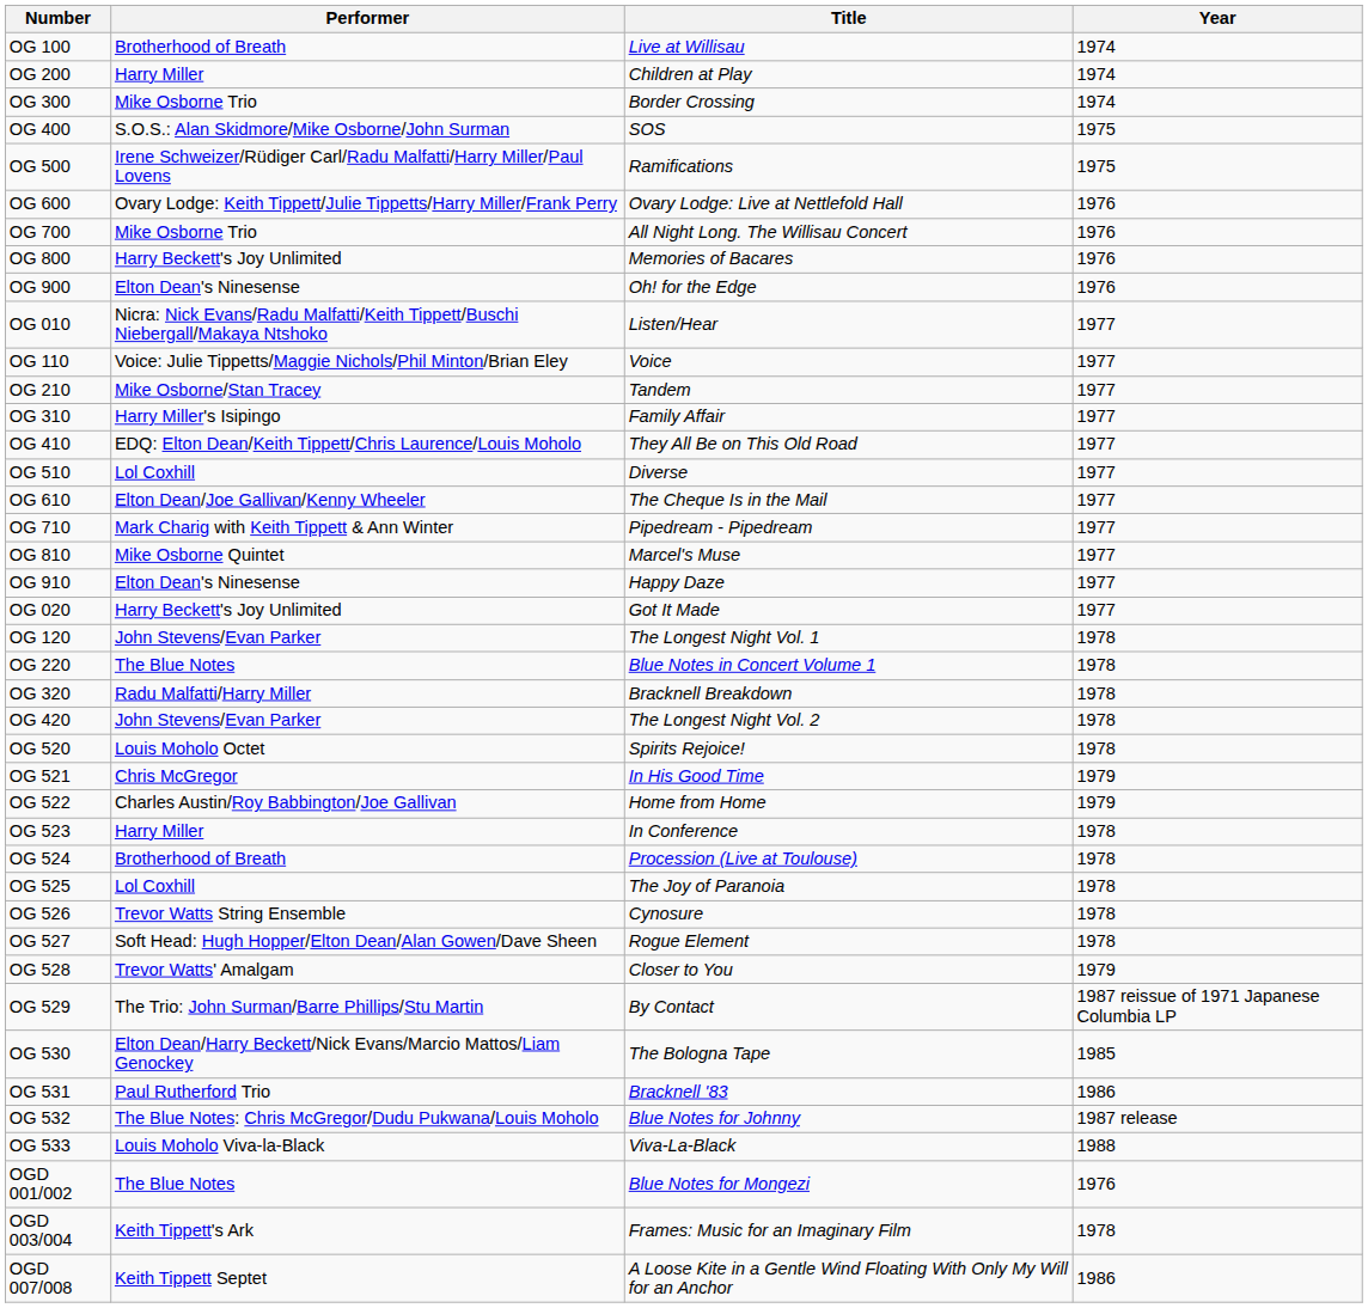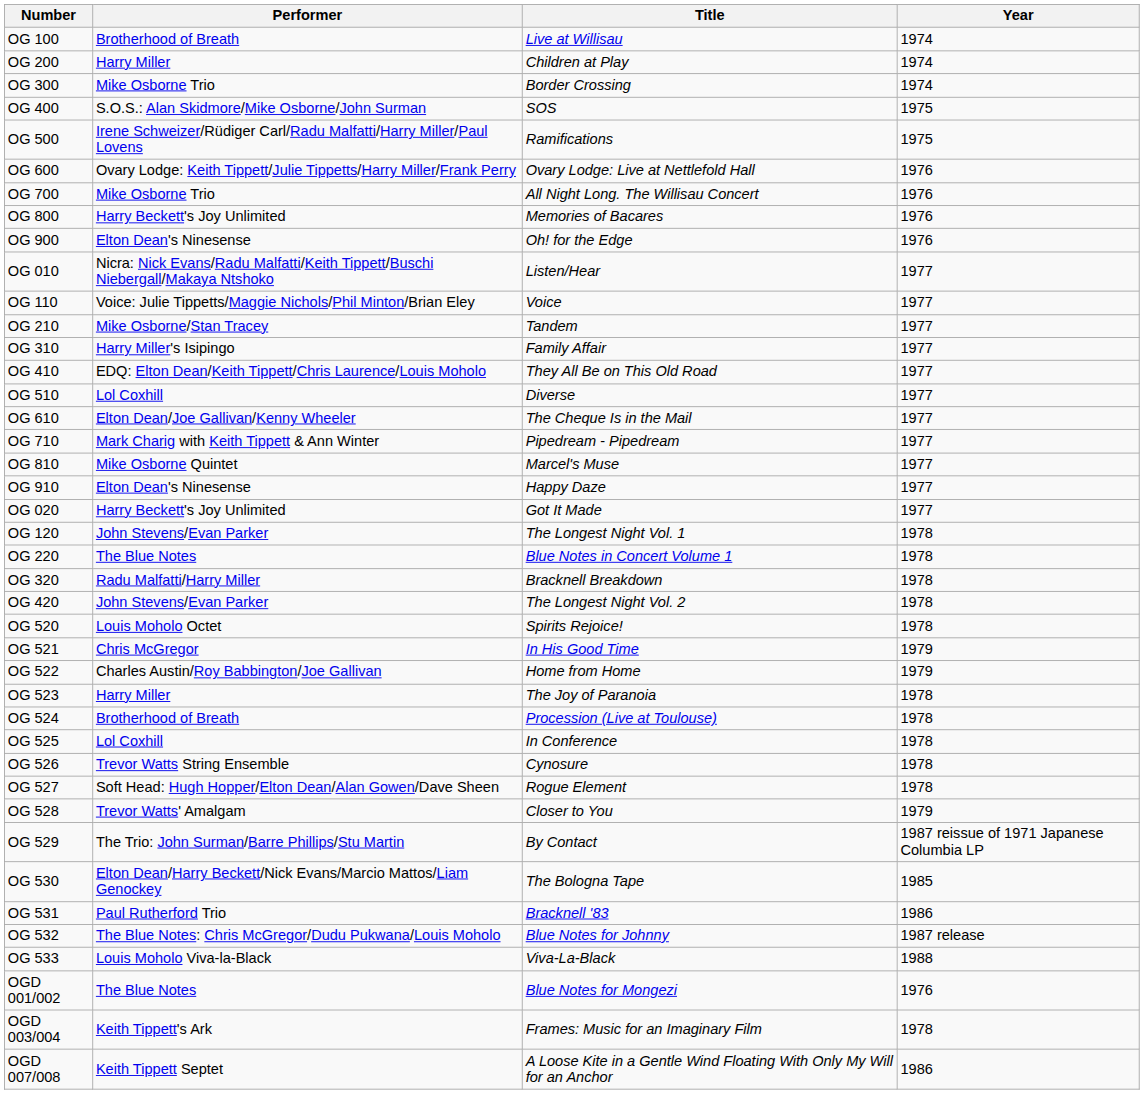 <table class="wikitable sortable">
 <tr>
 <th>Number</th>
 <th>Performer</th>
 <th>Title</th>
 <th>Year</th>
 </tr>
 <tr>
 <td>OG 100</td>
 <td><a href='#'>Brotherhood of Breath</a></td>
 <td><em><a href='#'>Live at Willisau</a></em></td>
 <td>1974</td>
 </tr>
 <tr>
 <td>OG 200</td>
 <td><a href='#'>Harry Miller</a></td>
 <td><em>Children at Play</em></td>
 <td>1974</td>
 </tr>
 <tr>
 <td>OG 300</td>
 <td><a href='#'>Mike Osborne</a> Trio</td>
 <td><em>Border Crossing</em></td>
 <td>1974</td>
 </tr>
 <tr>
 <td>OG 400</td>
 <td>S.O.S.: <a href='#'>Alan Skidmore</a>/<a href='#'>Mike Osborne</a>/<a href='#'>John Surman</a></td>
 <td><em>SOS</em></td>
 <td>1975</td>
 </tr>
 <tr>
 <td>OG 500</td>
 <td><a href='#'>Irene Schweizer</a>/Rüdiger Carl/<a href='#'>Radu Malfatti</a>/<a href='#'>Harry Miller</a>/<a href='#'>Paul Lovens</a></td>
 <td><em>Ramifications</em></td>
 <td>1975</td>
 </tr>
 <tr>
 <td>OG 600</td>
 <td>Ovary Lodge: <a href='#'>Keith Tippett</a>/<a href='#'>Julie Tippetts</a>/<a href='#'>Harry Miller</a>/<a href='#'>Frank Perry</a></td>
 <td><em>Ovary Lodge: Live at Nettlefold Hall</em></td>
 <td>1976</td>
 </tr>
 <tr>
 <td>OG 700</td>
 <td><a href='#'>Mike Osborne</a> Trio</td>
 <td><em>All Night Long. The Willisau Concert</em></td>
 <td>1976</td>
 </tr>
 <tr>
 <td>OG 800</td>
 <td><a href='#'>Harry Beckett</a>'s Joy Unlimited</td>
 <td><em>Memories of Bacares</em></td>
 <td>1976</td>
 </tr>
 <tr>
 <td>OG 900</td>
 <td><a href='#'>Elton Dean</a>'s Ninesense</td>
 <td><em>Oh! for the Edge</em></td>
 <td>1976</td>
 </tr>
 <tr>
 <td>OG 010</td>
 <td>Nicra: <a href='#'>Nick Evans</a>/<a href='#'>Radu Malfatti</a>/<a href='#'>Keith Tippett</a>/<a href='#'>Buschi Niebergall</a>/<a href='#'>Makaya Ntshoko</a></td>
 <td><em>Listen/Hear</em></td>
 <td>1977</td>
 </tr>
 <tr>
 <td>OG 110</td>
 <td>Voice: Julie Tippetts/<a href='#'>Maggie Nichols</a>/<a href='#'>Phil Minton</a>/Brian Eley</td>
 <td><em>Voice</em></td>
 <td>1977</td>
 </tr>
 <tr>
 <td>OG 210</td>
 <td><a href='#'>Mike Osborne</a>/<a href='#'>Stan Tracey</a></td>
 <td><em>Tandem</em></td>
 <td>1977</td>
 </tr>
 <tr>
 <td>OG 310</td>
 <td><a href='#'>Harry Miller</a>'s Isipingo</td>
 <td><em>Family Affair</em></td>
 <td>1977</td>
 </tr>
 <tr>
 <td>OG 410</td>
 <td>EDQ: <a href='#'>Elton Dean</a>/<a href='#'>Keith Tippett</a>/<a href='#'>Chris Laurence</a>/<a href='#'>Louis Moholo</a></td>
 <td><em>They All Be on This Old Road</em></td>
 <td>1977</td>
 </tr>
 <tr>
 <td>OG 510</td>
 <td><a href='#'>Lol Coxhill</a></td>
 <td><em>Diverse</em></td>
 <td>1977</td>
 </tr>
 <tr>
 <td>OG 610</td>
 <td><a href='#'>Elton Dean</a>/<a href='#'>Joe Gallivan</a>/<a href='#'>Kenny Wheeler</a></td>
 <td><em>The Cheque Is in the Mail</em></td>
 <td>1977</td>
 </tr>
 <tr>
 <td>OG 710</td>
 <td><a href='#'>Mark Charig</a> with <a href='#'>Keith Tippett</a> & Ann Winter</td>
 <td><em>Pipedream</em> - <em>Pipedream</em></td>
 <td>1977</td>
 </tr>
 <tr>
 <td>OG 810</td>
 <td><a href='#'>Mike Osborne</a> Quintet</td>
 <td><em>Marcel's Muse</em></td>
 <td>1977</td>
 </tr>
 <tr>
 <td>OG 910</td>
 <td><a href='#'>Elton Dean</a>'s Ninesense</td>
 <td><em>Happy Daze</em></td>
 <td>1977</td>
 </tr>
 <tr>
 <td>OG 020</td>
 <td><a href='#'>Harry Beckett</a>'s Joy Unlimited</td>
 <td><em>Got It Made</em></td>
 <td>1977</td>
 </tr>
 <tr>
 <td>OG 120</td>
 <td><a href='#'>John Stevens</a>/<a href='#'>Evan Parker</a></td>
 <td><em>The Longest Night Vol. 1</em></td>
 <td>1978</td>
 </tr>
 <tr>
 <td>OG 220</td>
 <td><a href='#'>The Blue Notes</a></td>
 <td><em><a href='#'>Blue Notes in Concert Volume 1</a></em></td>
 <td>1978</td>
 </tr>
 <tr>
 <td>OG 320</td>
 <td><a href='#'>Radu Malfatti</a>/<a href='#'>Harry Miller</a></td>
 <td><em>Bracknell Breakdown</em></td>
 <td>1978</td>
 </tr>
 <tr>
 <td>OG 420</td>
 <td><a href='#'>John Stevens</a>/<a href='#'>Evan Parker</a></td>
 <td><em>The Longest Night Vol. 2</em></td>
 <td>1978</td>
 </tr>
 <tr>
 <td>OG 520</td>
 <td><a href='#'>Louis Moholo</a> Octet</td>
 <td><em>Spirits Rejoice!</em></td>
 <td>1978</td>
 </tr>
 <tr>
 <td>OG 521</td>
 <td><a href='#'>Chris McGregor</a></td>
 <td><em><a href='#'>In His Good Time</a></em></td>
 <td>1979</td>
 </tr>
 <tr>
 <td>OG 522</td>
 <td>Charles Austin/<a href='#'>Roy Babbington</a>/<a href='#'>Joe Gallivan</a></td>
 <td><em>Home from Home</em></td>
 <td>1979</td>
 </tr>
 <tr>
 <td>OG 523</td>
 <td><a href='#'>Harry Miller</a></td>
-<td><em>In Conference</em></td>
+<td><em>The Joy of Paranoia</em></td>
 <td>1978</td>
 </tr>
 <tr>
 <td>OG 524</td>
 <td><a href='#'>Brotherhood of Breath</a></td>
 <td><em><a href='#'>Procession (Live at Toulouse)</a></em></td>
 <td>1978</td>
 </tr>
 <tr>
 <td>OG 525</td>
 <td><a href='#'>Lol Coxhill</a></td>
-<td><em>The Joy of Paranoia</em></td>
+<td><em>In Conference</em></td>
 <td>1978</td>
 </tr>
 <tr>
 <td>OG 526</td>
 <td><a href='#'>Trevor Watts</a> String Ensemble</td>
 <td><em>Cynosure</em></td>
 <td>1978</td>
 </tr>
 <tr>
 <td>OG 527</td>
 <td>Soft Head: <a href='#'>Hugh Hopper</a>/<a href='#'>Elton Dean</a>/<a href='#'>Alan Gowen</a>/Dave Sheen</td>
 <td><em>Rogue Element</em></td>
 <td>1978</td>
 </tr>
 <tr>
 <td>OG 528</td>
 <td><a href='#'>Trevor Watts</a>' Amalgam</td>
 <td><em>Closer to You</em></td>
 <td>1979</td>
 </tr>
 <tr>
 <td>OG 529</td>
 <td>The Trio: <a href='#'>John Surman</a>/<a href='#'>Barre Phillips</a>/<a href='#'>Stu Martin</a></td>
 <td><em>By Contact</em></td>
 <td>1987 reissue of 1971 Japanese Columbia LP</td>
 </tr>
 <tr>
 <td>OG 530</td>
 <td><a href='#'>Elton Dean</a>/<a href='#'>Harry Beckett</a>/Nick Evans/Marcio Mattos/<a href='#'>Liam Genockey</a></td>
 <td><em>The Bologna Tape</em></td>
 <td>1985</td>
 </tr>
 <tr>
 <td>OG 531</td>
 <td><a href='#'>Paul Rutherford</a> Trio</td>
 <td><em><a href='#'>Bracknell '83</a></em></td>
 <td>1986</td>
 </tr>
 <tr>
 <td>OG 532</td>
 <td><a href='#'>The Blue Notes</a>: <a href='#'>Chris McGregor</a>/<a href='#'>Dudu Pukwana</a>/<a href='#'>Louis Moholo</a></td>
 <td><em><a href='#'>Blue Notes for Johnny</a></em></td>
 <td>1987 release</td>
 </tr>
 <tr>
 <td>OG 533</td>
 <td><a href='#'>Louis Moholo</a> Viva-la-Black</td>
 <td><em>Viva-La-Black</em></td>
 <td>1988</td>
 </tr>
 <tr>
 <td>OGD 001/002</td>
 <td><a href='#'>The Blue Notes</a></td>
 <td><em><a href='#'>Blue Notes for Mongezi</a></em></td>
 <td>1976</td>
 </tr>
 <tr>
 <td>OGD 003/004</td>
 <td><a href='#'>Keith Tippett</a>'s Ark</td>
 <td><em>Frames: Music for an Imaginary Film</em></td>
 <td>1978</td>
 </tr>
 <tr>
 <td>OGD 007/008</td>
 <td><a href='#'>Keith Tippett</a> Septet</td>
 <td><em>A Loose Kite in a Gentle Wind Floating With Only My Will for an Anchor</em></td>
 <td>1986</td>
 </tr>
 </table>
